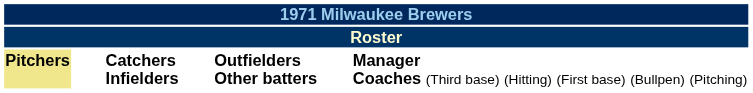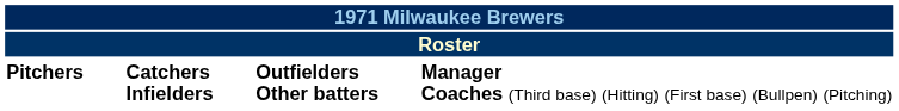 <table class="toccolours" style="font-size: 95%;">
 <tr>
 <th colspan="10" style="background-color: #00285D; color: #9ECEEE; text-align: center;">1971 Milwaukee Brewers</th>
 </tr>
 <tr>
 <td colspan="10" style="background-color: #003366; color: #FFFDD0; text-align: center;"><strong>Roster</strong></td>
 </tr>
 <tr>
-<td valign="top" style="background: khaki;"><strong>Pitchers</strong><br>              </td>
+<td valign="top"><strong>Pitchers</strong><br>              </td>
 <td width="25px"></td>
 <td valign="top"><strong>Catchers</strong><br>    <strong>Infielders</strong>            </td>
 <td width="25px"></td>
 <td valign="top"><strong>Outfielders</strong><br>           <strong>Other batters</strong> </td>
 <td width="25px"></td>
 <td valign="top"><strong>Manager</strong><br> <strong>Coaches</strong>  <small>(Third base)</small>  <small>(Hitting)</small>  <small>(First base)</small>  <small>(Bullpen)</small>  <small>(Pitching)</small></td>
 </tr>
 <tr>
 </tr>
 </table>
